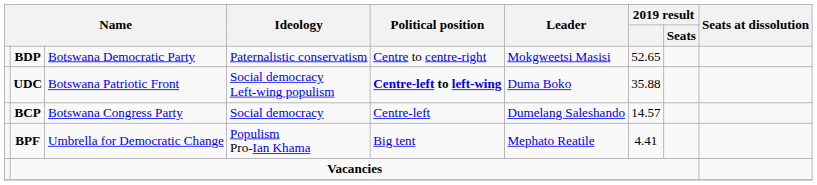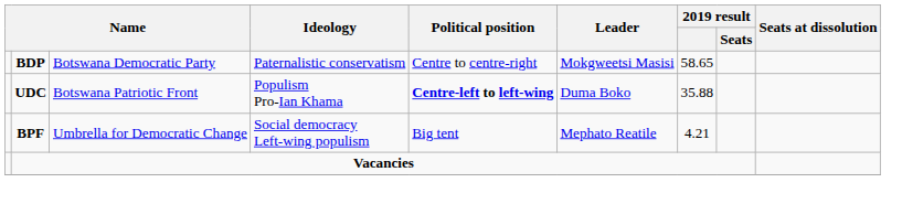 <table class="wikitable">
 <tr>
 <th colspan="3" rowspan="2">Name</th>
 <th rowspan="2">Ideology</th>
 <th rowspan="2">Political position</th>
 <th rowspan="2">Leader</th>
 <th colspan="2">2019 result</th>
 <th rowspan="2">Seats at dissolution</th>
 </tr>
 <tr>
 <th></th>
 <th>Seats</th>
 </tr>
 <tr>
 <td style="background:"></td>
 <td style="text-align:center;"><strong>BDP</strong></td>
 <td><a href='#'>Botswana Democratic Party</a></td>
 <td><a href='#'>Paternalistic conservatism</a></td>
 <td><a href='#'>Centre</a> to <a href='#'>centre-right</a></td>
 <td><a href='#'>Mokgweetsi Masisi</a></td>
-<td style="text-align:center;">52.65</td>
+<td style="text-align:center;">58.65</td>
 <td></td>
 <td></td>
 </tr>
 <tr>
 <td style="background:"></td>
 <td style="text-align:center;"><strong>UDC</strong></td>
 <td><a href='#'>Botswana Patriotic Front</a></td>
-<td><a href='#'>Social democracy</a><br><a href='#'>Left-wing populism</a></td>
+<td><a href='#'>Populism</a><br>Pro-<a href='#'>Ian Khama</a></td>
 <td><strong><a href='#'>Centre-left</a> to <a href='#'>left-wing</a></strong></td>
 <td><a href='#'>Duma Boko</a></td>
 <td style="text-align:center;">35.88</td>
 <td></td>
 <td></td>
 </tr>
 <tr>
 <td style="background:"></td>
-<td style="text-align:center;"><strong>BCP</strong></td>
-<td><a href='#'>Botswana Congress Party</a></td>
-<td><a href='#'>Social democracy</a></td>
-<td><a href='#'>Centre-left</a></td>
-<td><a href='#'>Dumelang Saleshando</a></td>
-<td style="text-align:center;">14.57</td>
-<td></td>
-<td></td>
-</tr>
-<tr>
-<td style="background:"></td>
 <td style="text-align:center;"><strong>BPF</strong></td>
 <td><a href='#'>Umbrella for Democratic Change</a></td>
-<td><a href='#'>Populism</a><br>Pro-<a href='#'>Ian Khama</a></td>
+<td><a href='#'>Social democracy</a><br><a href='#'>Left-wing populism</a></td>
 <td><a href='#'>Big tent</a></td>
 <td><a href='#'>Mephato Reatile</a></td>
-<td style="text-align:center;">4.41</td>
+<td style="text-align:center;">4.21</td>
 <td></td>
 <td></td>
 </tr>
 <tr>
 <td style="background:"></td>
 <td colspan="7" style="text-align:center;"><strong>Vacancies</strong></td>
 <td></td>
 </tr>
 <tr>
 </tr>
 </table>
